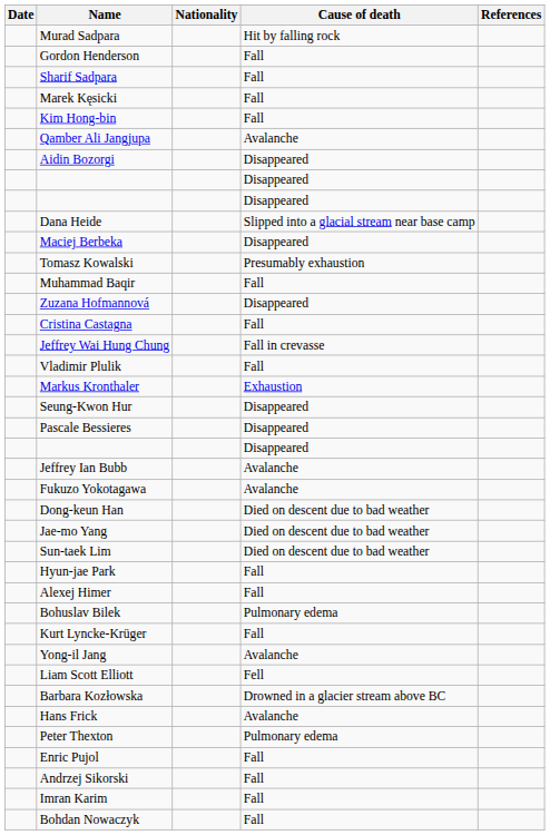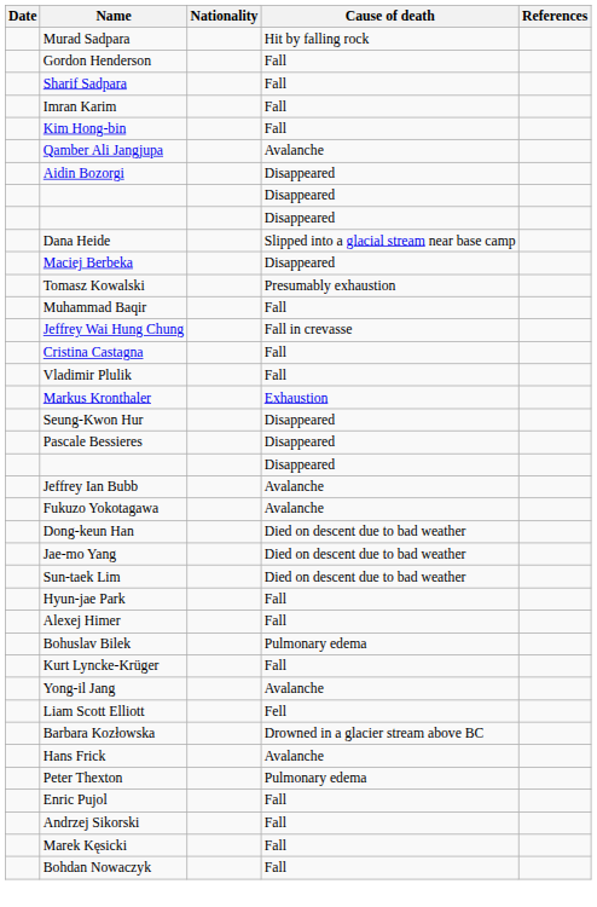 <table class="wikitable sortable mw-collapsible">
 <tr>
 <th>Date</th>
 <th>Name</th>
 <th>Nationality</th>
 <th>Cause of death</th>
 <th>References</th>
 </tr>
 <tr>
 <td></td>
 <td>Murad Sadpara</td>
 <td></td>
 <td>Hit by falling rock</td>
 <td></td>
 </tr>
 <tr>
 <td></td>
 <td>Gordon Henderson</td>
 <td></td>
 <td>Fall</td>
 <td></td>
 </tr>
 <tr>
 <td></td>
 <td><a href='#'>Sharif Sadpara</a></td>
 <td></td>
 <td>Fall</td>
 <td></td>
 </tr>
 <tr>
 <td></td>
-<td>Marek Kęsicki</td>
+<td>Imran Karim</td>
 <td></td>
 <td>Fall</td>
 <td></td>
 </tr>
 <tr>
 <td></td>
 <td><a href='#'>Kim Hong-bin</a></td>
 <td></td>
 <td>Fall</td>
 <td></td>
 </tr>
 <tr>
 <td></td>
 <td><a href='#'>Qamber Ali Jangjupa</a></td>
 <td></td>
 <td>Avalanche</td>
 <td></td>
 </tr>
 <tr>
 <td></td>
 <td><a href='#'>Aidin Bozorgi</a></td>
 <td></td>
 <td>Disappeared</td>
 <td></td>
 </tr>
 <tr>
 <td></td>
 <td></td>
 <td></td>
 <td>Disappeared</td>
 <td></td>
 </tr>
 <tr>
 <td></td>
 <td></td>
 <td></td>
 <td>Disappeared</td>
 <td></td>
 </tr>
 <tr>
 <td></td>
 <td>Dana Heide</td>
 <td></td>
 <td>Slipped into a <a href='#'>glacial stream</a> near base camp</td>
 <td></td>
 </tr>
 <tr>
 <td></td>
 <td><a href='#'>Maciej Berbeka</a></td>
 <td></td>
 <td>Disappeared</td>
 <td></td>
 </tr>
 <tr>
 <td></td>
 <td>Tomasz Kowalski</td>
 <td></td>
 <td>Presumably exhaustion</td>
 <td></td>
 </tr>
 <tr>
 <td></td>
 <td>Muhammad Baqir</td>
 <td></td>
 <td>Fall</td>
 <td></td>
 </tr>
 <tr>
 <td></td>
-<td><a href='#'>Zuzana Hofmannová</a></td>
+<td><a href='#'>Jeffrey Wai Hung Chung</a></td>
 <td></td>
-<td>Disappeared</td>
-<td></td>
+<td>Fall in crevasse</td>
+<td><br>     </td>
 </tr>
 <tr>
 <td></td>
 <td><a href='#'>Cristina Castagna</a></td>
 <td></td>
 <td>Fall</td>
 <td></td>
-</tr>
-<tr>
-<td></td>
-<td><a href='#'>Jeffrey Wai Hung Chung</a></td>
-<td></td>
-<td>Fall in crevasse</td>
-<td><br>     </td>
 </tr>
 <tr>
 <td></td>
 <td>Vladimir Plulik</td>
 <td></td>
 <td>Fall</td>
 <td></td>
 </tr>
 <tr>
 <td></td>
 <td><a href='#'>Markus Kronthaler</a></td>
 <td></td>
 <td><a href='#'>Exhaustion</a></td>
 <td></td>
 </tr>
 <tr>
 <td></td>
 <td>Seung-Kwon Hur</td>
 <td></td>
 <td>Disappeared</td>
 <td></td>
 </tr>
 <tr>
 <td></td>
 <td>Pascale Bessieres</td>
 <td></td>
 <td>Disappeared</td>
 <td></td>
 </tr>
 <tr>
 <td></td>
 <td></td>
 <td></td>
 <td>Disappeared</td>
 <td></td>
 </tr>
 <tr>
 <td></td>
 <td>Jeffrey Ian Bubb</td>
 <td></td>
 <td>Avalanche</td>
 <td></td>
 </tr>
 <tr>
 <td></td>
 <td>Fukuzo Yokotagawa</td>
 <td></td>
 <td>Avalanche</td>
 <td></td>
 </tr>
 <tr>
 <td></td>
 <td>Dong-keun Han</td>
 <td></td>
 <td>Died on descent due to bad weather</td>
 <td></td>
 </tr>
 <tr>
 <td></td>
 <td>Jae-mo Yang</td>
 <td></td>
 <td>Died on descent due to bad weather</td>
 <td></td>
 </tr>
 <tr>
 <td></td>
 <td>Sun-taek Lim</td>
 <td></td>
 <td>Died on descent due to bad weather</td>
 <td></td>
 </tr>
 <tr>
 <td></td>
 <td>Hyun-jae Park</td>
 <td></td>
 <td>Fall</td>
 <td></td>
 </tr>
 <tr>
 <td></td>
 <td>Alexej Himer</td>
 <td></td>
 <td>Fall</td>
 <td></td>
 </tr>
 <tr>
 <td></td>
 <td>Bohuslav Bilek</td>
 <td></td>
 <td>Pulmonary edema</td>
 <td></td>
 </tr>
 <tr>
 <td></td>
 <td>Kurt Lyncke-Krüger</td>
 <td></td>
 <td>Fall</td>
 <td></td>
 </tr>
 <tr>
 <td></td>
 <td>Yong-il Jang</td>
 <td></td>
 <td>Avalanche</td>
 <td></td>
 </tr>
 <tr>
 <td></td>
 <td>Liam Scott Elliott</td>
 <td></td>
 <td>Fell</td>
 <td></td>
 </tr>
 <tr>
 <td></td>
 <td>Barbara Kozłowska</td>
 <td></td>
 <td>Drowned in a glacier stream above BC</td>
 <td></td>
 </tr>
 <tr>
 <td></td>
 <td>Hans Frick</td>
 <td></td>
 <td>Avalanche</td>
 <td></td>
 </tr>
 <tr>
 <td></td>
 <td>Peter Thexton</td>
 <td></td>
 <td>Pulmonary edema</td>
 <td></td>
 </tr>
 <tr>
 <td></td>
 <td>Enric Pujol</td>
 <td></td>
 <td>Fall</td>
 <td></td>
 </tr>
 <tr>
 <td></td>
 <td>Andrzej Sikorski</td>
 <td></td>
 <td>Fall</td>
 <td></td>
 </tr>
 <tr>
 <td></td>
-<td>Imran Karim</td>
+<td>Marek Kęsicki</td>
 <td></td>
 <td>Fall</td>
 <td></td>
 </tr>
 <tr>
 <td></td>
 <td>Bohdan Nowaczyk</td>
 <td></td>
 <td>Fall</td>
 <td></td>
 </tr>
 </table>
